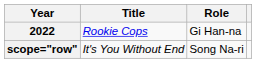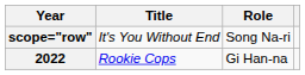 <table class="wikitable plainrowheaders sortable">
 <tr>
 <th scope="col">Year</th>
 <th scope="col">Title</th>
 <th scope="col">Role</th>
 <th scope="col" class="unsortable"></th>
 </tr>
 <tr>
+<th>scope="row" </th>
+<td><em>It's You Without End</em></td>
+<td>Song Na-ri</td>
+<td style="text-align:center"></td>
+</tr>
+<tr>
 <th scope="row">2022</th>
 <td><em><a href='#'>Rookie Cops</a></em></td>
 <td>Gi Han-na</td>
 <td style="text-align:center"></td>
 </tr>
-<tr>
-<th>scope="row" </th>
-<td><em>It's You Without End</em></td>
-<td>Song Na-ri</td>
-<td style="text-align:center"></td>
-</tr>
 </table>
